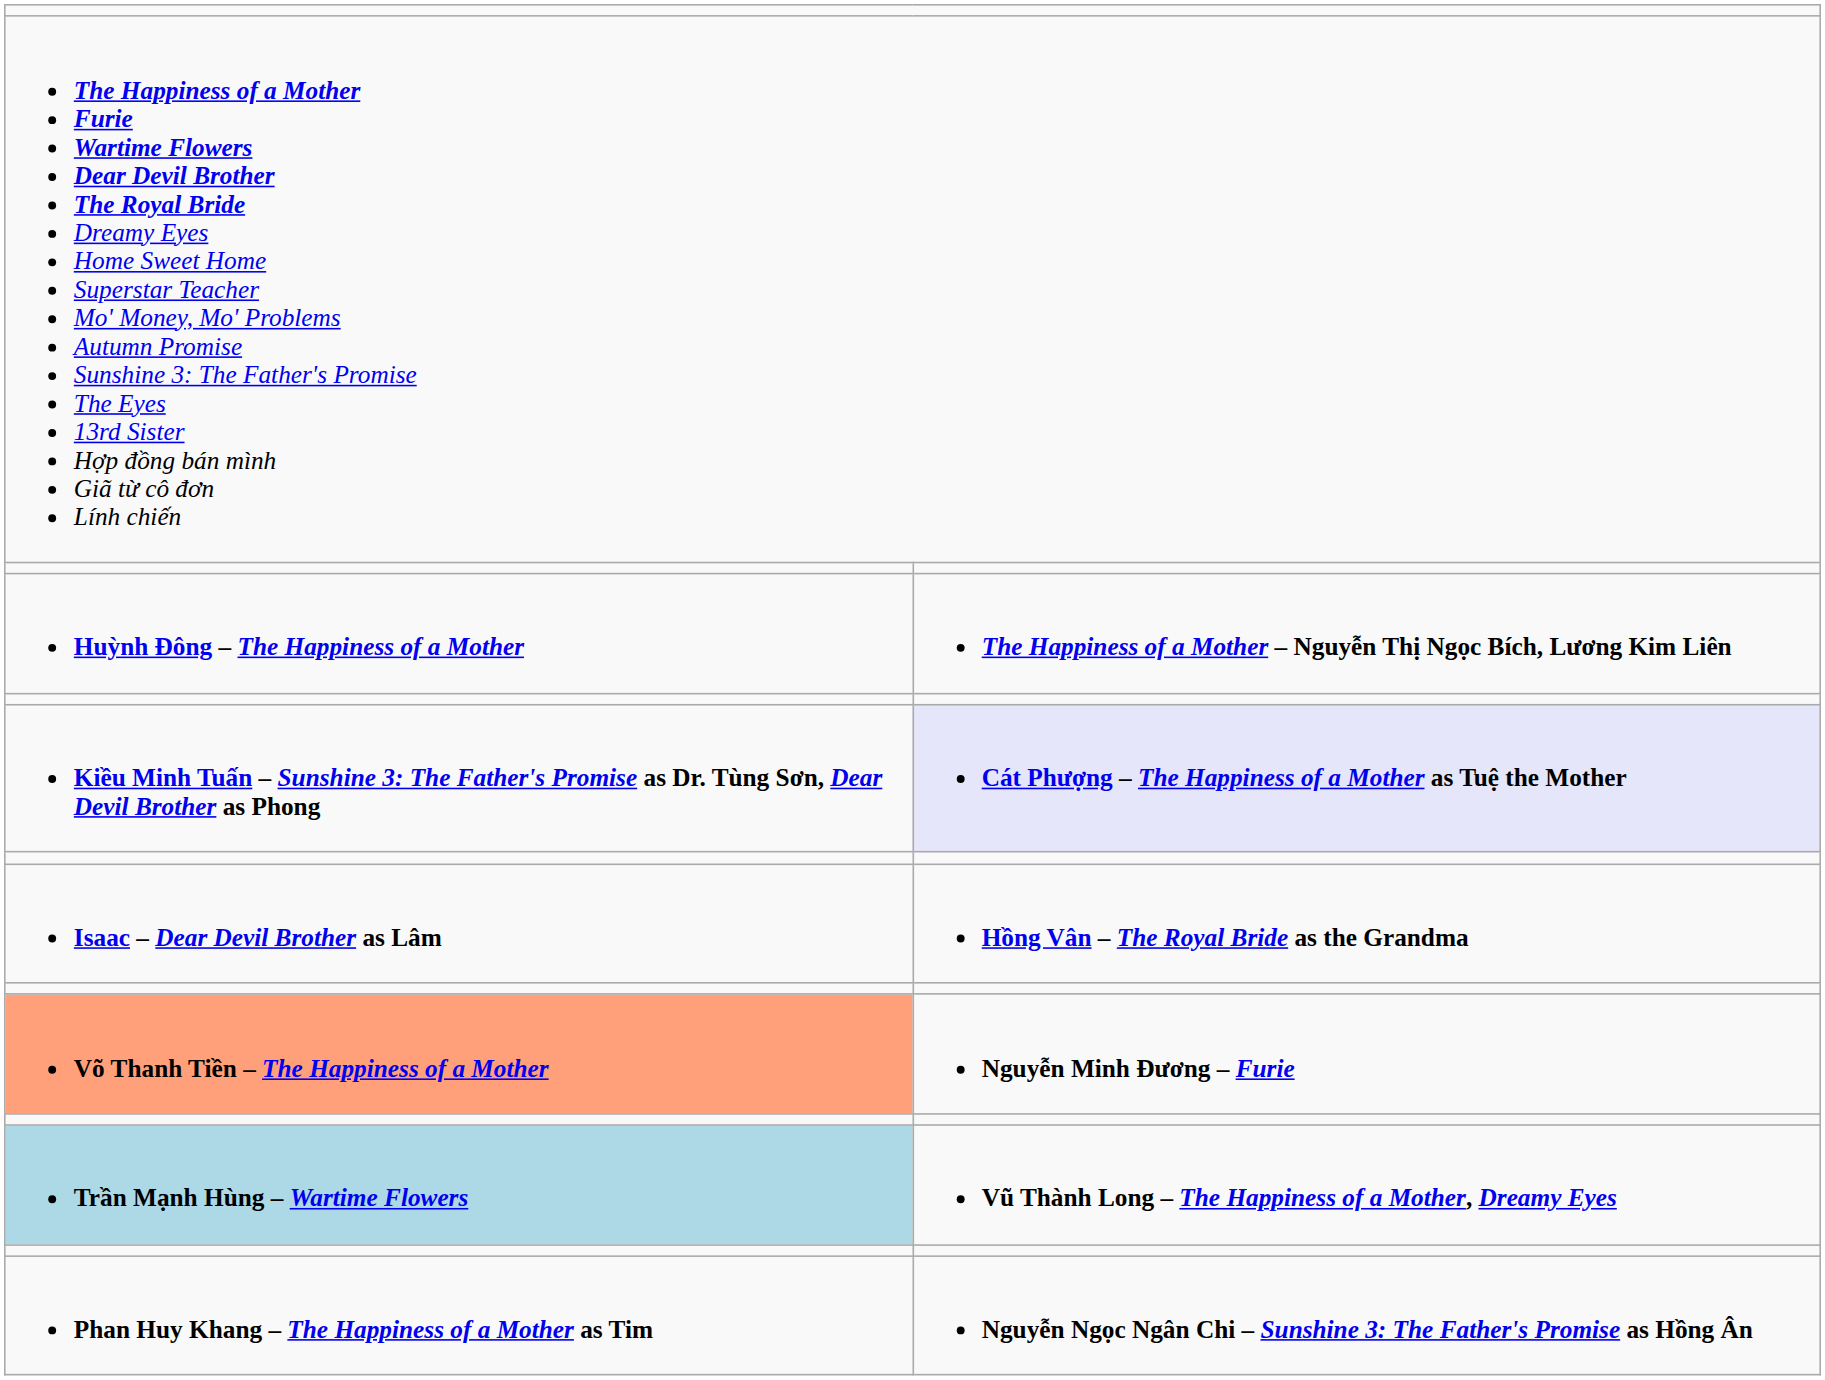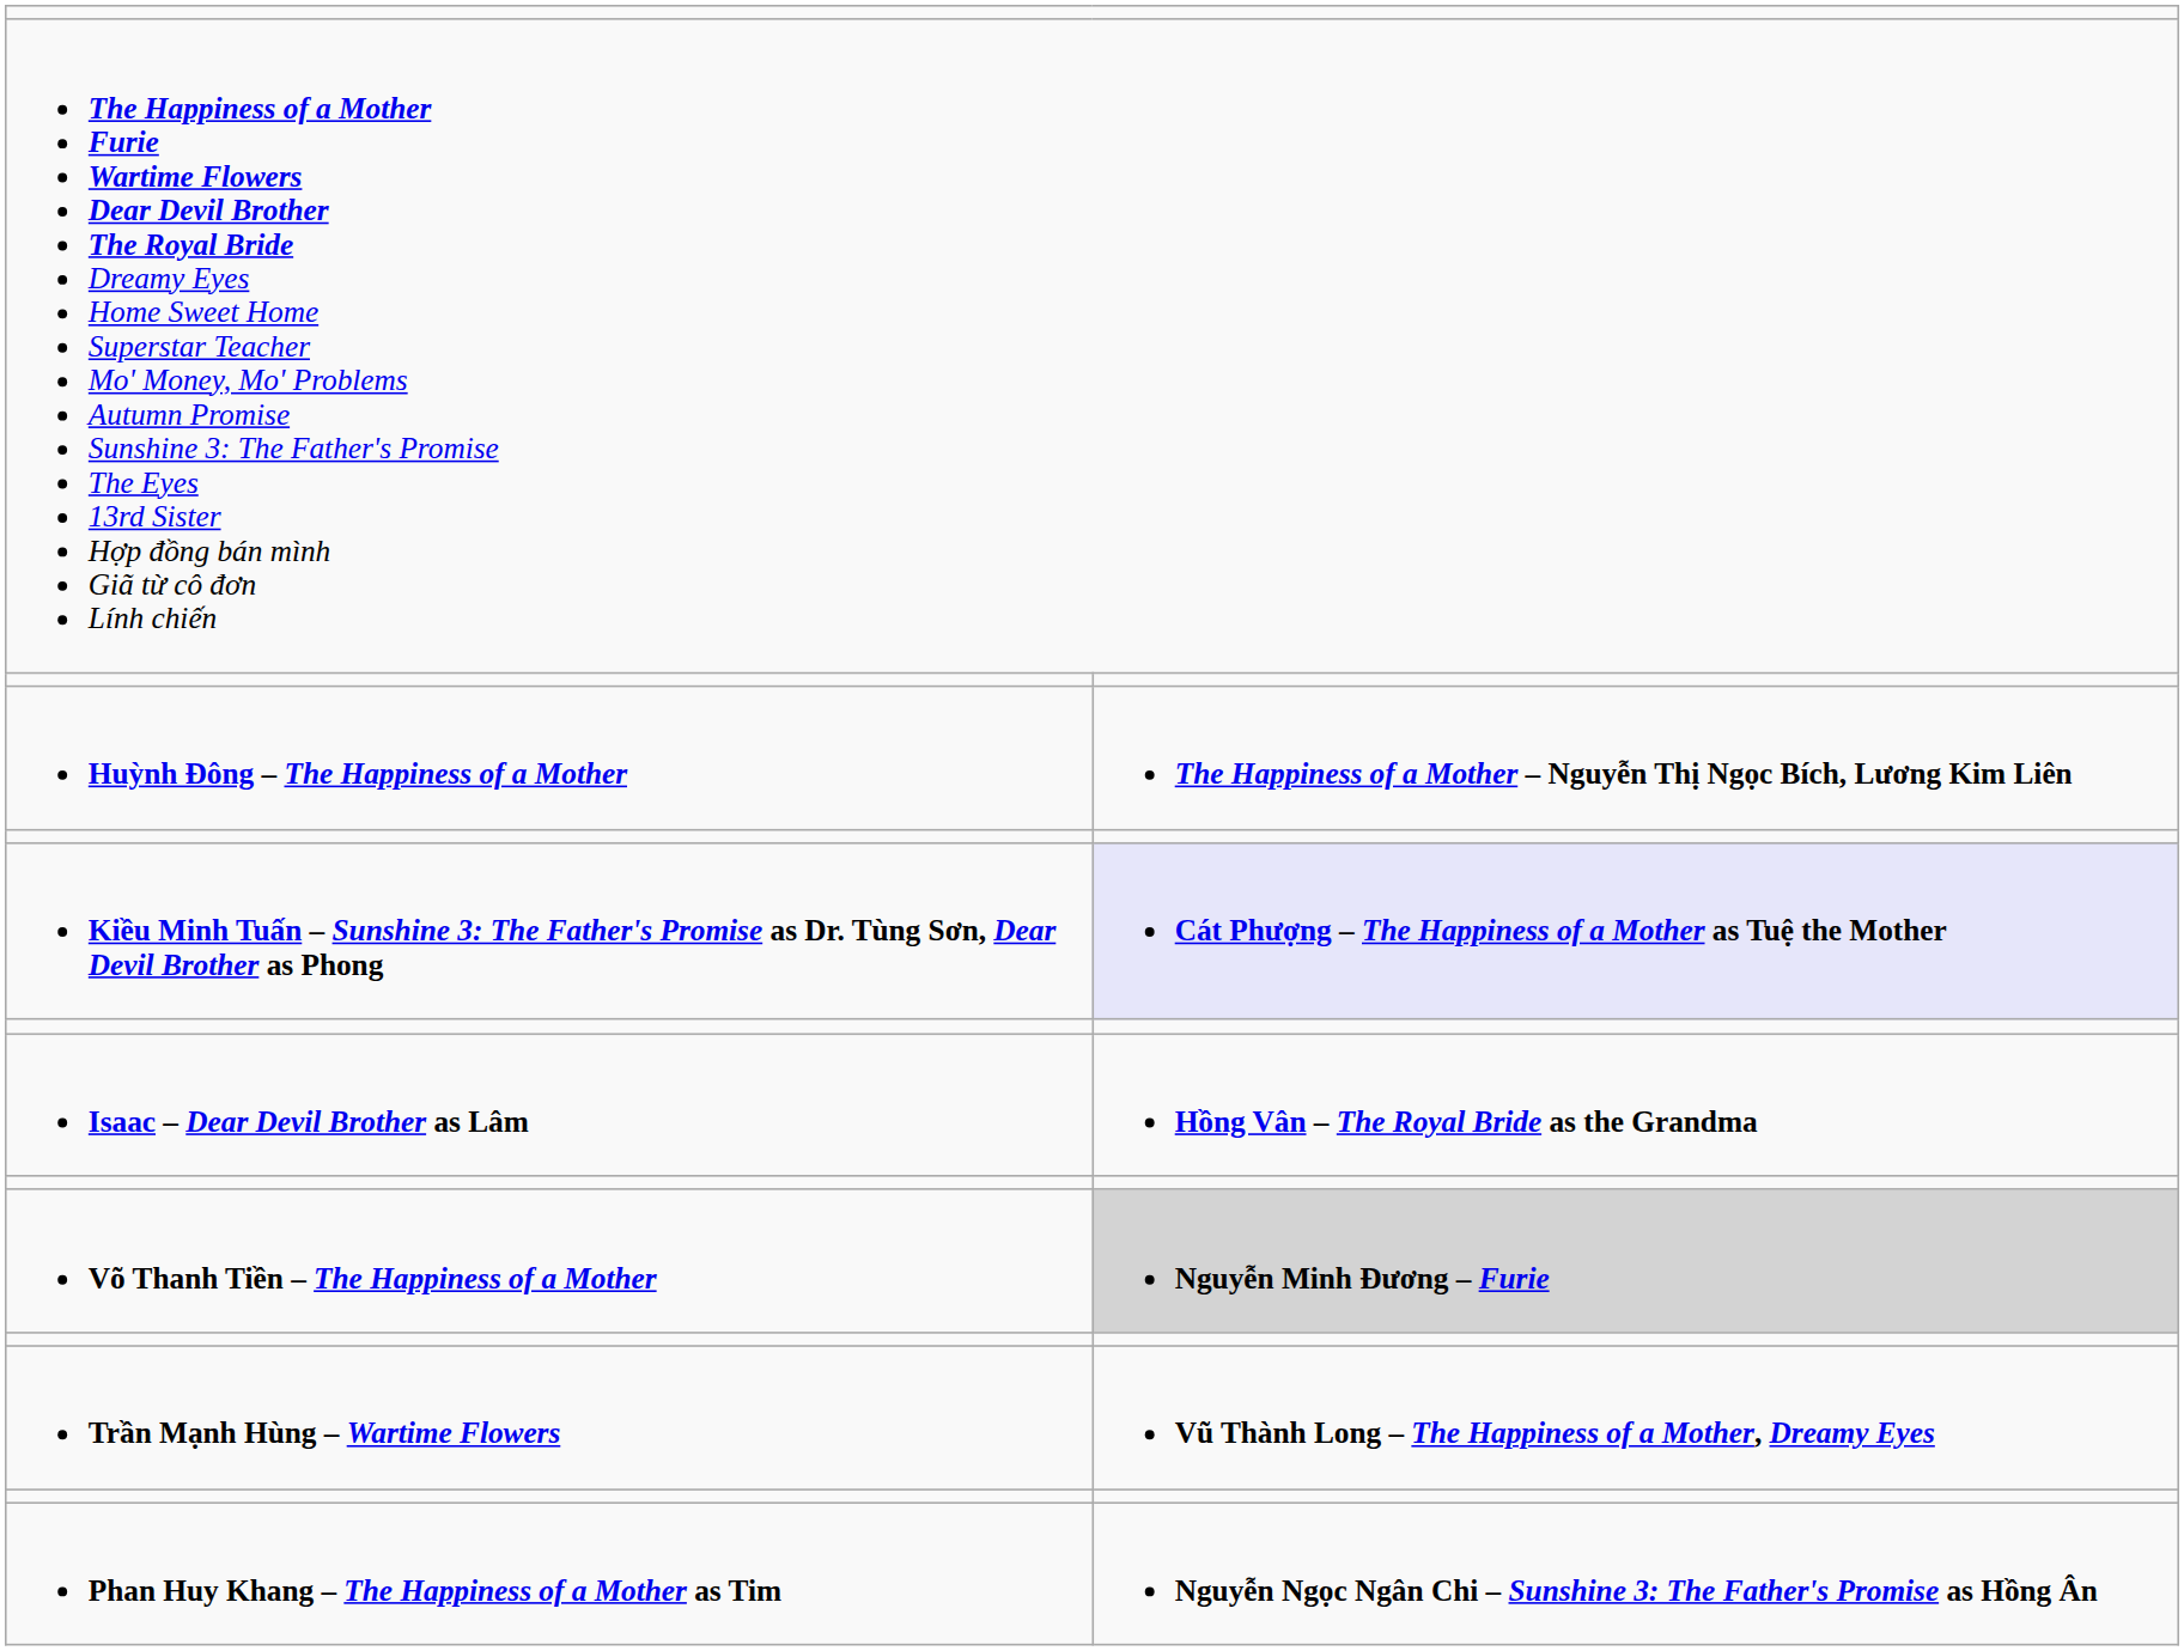 <table class="wikitable" align="center" style="width:91%">
 <tr>
 <td colspan="2" style="vertical-align:top; width:100%;"></td>
 </tr>
 <tr>
 <td colspan="2" valign="top"><br><ul><li><strong><em><span><a href='#'>The Happiness of a Mother</a></span></em></strong></li><li><strong><em><span><a href='#'>Furie</a></span></em></strong></li><li><strong><em><span><a href='#'>Wartime Flowers</a></span></em></strong></li><li><strong><em><span><a href='#'>Dear Devil Brother</a></span></em></strong></li><li><strong><em><span><a href='#'>The Royal Bride</a></span></em></strong></li><li><em><a href='#'>Dreamy Eyes</a></em></li><li><em><a href='#'>Home Sweet Home</a></em></li><li><em><a href='#'>Superstar Teacher</a></em></li><li><em><a href='#'>Mo' Money, Mo' Problems</a></em></li><li><em><a href='#'>Autumn Promise</a></em></li><li><em><a href='#'>Sunshine 3: The Father's Promise</a></em></li><li><em><a href='#'>The Eyes</a></em></li><li><em><a href='#'>13rd Sister</a></em></li><li><em>Hợp đồng bán mình</em></li><li><em>Giã từ cô đơn</em></li><li><em>Lính chiến</em></li></ul></td>
 </tr>
 <tr>
 <td style="vertical-align:top; width:50%;"></td>
 <td style="vertical-align:top; width:50%;"></td>
 </tr>
 <tr>
 <td valign="top"><br><ul><li><strong><a href='#'>Huỳnh Đông</a> – <em><a href='#'>The Happiness of a Mother</a></em> </strong></li></ul></td>
 <td valign="top"><br><ul><li><strong> <em><a href='#'>The Happiness of a Mother</a></em> – Nguyễn Thị Ngọc Bích, Lương Kim Liên </strong></li></ul></td>
 </tr>
 <tr>
 <td style="vertical-align:top; width:50%;"></td>
 <td style="vertical-align:top; width:50%;"></td>
 </tr>
 <tr>
 <td valign="top"><br><ul><li><strong><a href='#'>Kiều Minh Tuấn</a> – <em><a href='#'>Sunshine 3: The Father's Promise</a></em> as Dr. Tùng Sơn, <em><a href='#'>Dear Devil Brother</a></em> as Phong </strong></li></ul></td>
 <td valign="top" style="background: lavender;"><br><ul><li><strong><a href='#'>Cát Phượng</a> – <em><a href='#'>The Happiness of a Mother</a></em> as Tuệ the Mother </strong></li></ul></td>
 </tr>
 <tr>
 <td style="vertical-align:top; width:50%;"></td>
 <td style="vertical-align:top; width:50%;"></td>
 </tr>
 <tr>
 <td valign="top"><br><ul><li><strong><a href='#'>Isaac</a> – <em><a href='#'>Dear Devil Brother</a></em> as Lâm </strong></li></ul></td>
 <td valign="top"><br><ul><li><strong><a href='#'>Hồng Vân</a> – <em><a href='#'>The Royal Bride</a></em> as the Grandma </strong></li></ul></td>
 </tr>
 <tr>
 <td style="vertical-align:top; width:50%;"></td>
 <td style="vertical-align:top; width:50%;"></td>
 </tr>
 <tr>
-<td valign="top" style="background: lightsalmon;"><br><ul><li><strong>Võ Thanh Tiền – <em><a href='#'>The Happiness of a Mother</a></em> </strong></li></ul></td>
-<td valign="top"><br><ul><li><strong>Nguyễn Minh Đương – <em><a href='#'>Furie</a></em> </strong></li></ul></td>
+<td valign="top"><br><ul><li><strong>Võ Thanh Tiền – <em><a href='#'>The Happiness of a Mother</a></em> </strong></li></ul></td>
+<td valign="top" style="background: lightgrey;"><br><ul><li><strong>Nguyễn Minh Đương – <em><a href='#'>Furie</a></em> </strong></li></ul></td>
 </tr>
 <tr>
 <td style="vertical-align:top; width:50%;"></td>
 <td style="vertical-align:top; width:50%;"></td>
 </tr>
 <tr>
-<td valign="top" style="background: lightblue;"><br><ul><li><strong>Trần Mạnh Hùng – <em><a href='#'>Wartime Flowers</a></em> </strong></li></ul></td>
+<td valign="top"><br><ul><li><strong>Trần Mạnh Hùng – <em><a href='#'>Wartime Flowers</a></em> </strong></li></ul></td>
 <td valign="top"><br><ul><li><strong>Vũ Thành Long – <em><a href='#'>The Happiness of a Mother</a></em>, <em><a href='#'>Dreamy Eyes</a></em> </strong></li></ul></td>
 </tr>
 <tr>
 <td style="vertical-align:top; width:50%;"></td>
 <td style="vertical-align:top; width:50%;"></td>
 </tr>
 <tr>
 <td valign="top"><br><ul><li><strong>Phan Huy Khang – <em><a href='#'>The Happiness of a Mother</a></em> as Tim </strong></li></ul></td>
 <td valign="top"><br><ul><li><strong>Nguyễn Ngọc Ngân Chi – <em><a href='#'>Sunshine 3: The Father's Promise</a></em> as Hồng Ân </strong></li></ul></td>
 </tr>
 </table>
